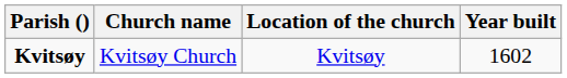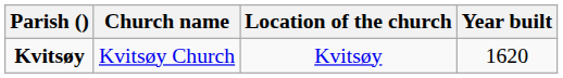 <table class="wikitable" style="text-align:center">
 <tr>
 <th>Parish ()</th>
 <th>Church name</th>
 <th>Location of the church</th>
 <th>Year built</th>
 </tr>
 <tr>
 <td rowspan="1"><strong>Kvitsøy</strong></td>
 <td><a href='#'>Kvitsøy Church</a></td>
 <td><a href='#'>Kvitsøy</a></td>
-<td>1602</td>
+<td>1620</td>
 </tr>
 </table>
